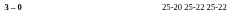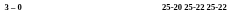 <table>
 <tr>
 <th width=200></th>
 <th width=80></th>
 <th width=200></th>
 <th width=220></th>
 </tr>
 <tr style=font-size:90%>
 <td align=right><strong></strong></td>
 <td align=center><strong>3 – 0</strong></td>
 <td></td>
-<td>25-20 25-22 25-22</td>
+<td><strong>25-20 25-22 25-22</strong></td>
 </tr>
 </table>
